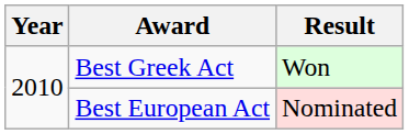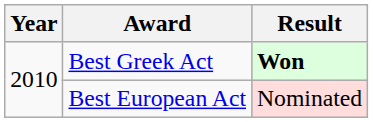 <table class="wikitable">
 <tr>
 <th>Year</th>
 <th>Award</th>
 <th>Result</th>
 </tr>
 <tr>
 <td rowspan="2">2010</td>
 <td><a href='#'>Best Greek Act</a></td>
-<td style="background: #ddffdd">Won</td>
+<td style="background: #ddffdd"><strong>Won</strong></td>
 </tr>
 <tr>
 <td><a href='#'>Best European Act</a></td>
 <td style="background: #ffdddd">Nominated</td>
 </tr>
 </table>
